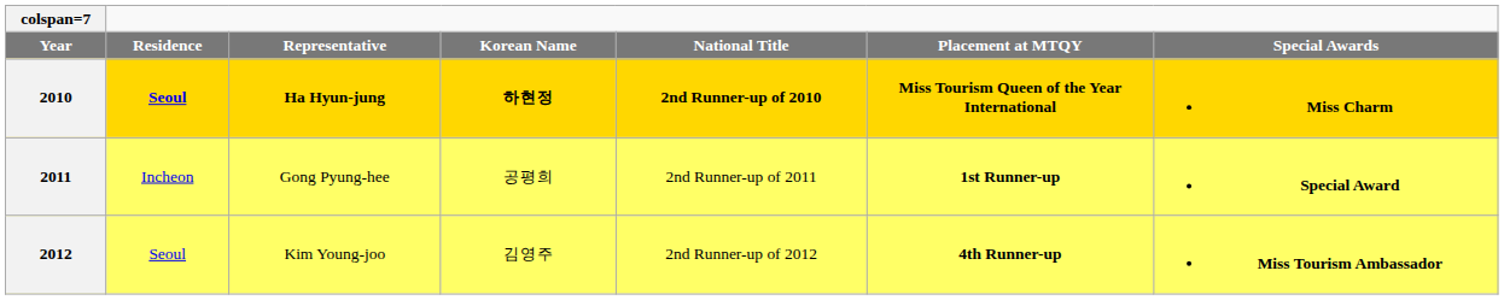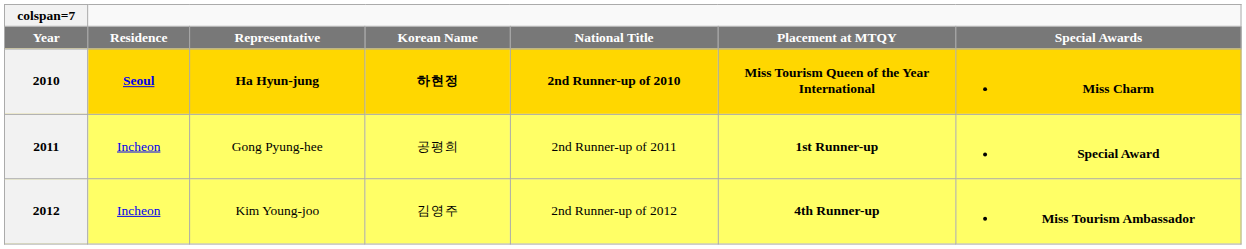 <table class="wikitable sortable" style="font-size: 85%; text-align:center">
 <tr>
 <th>colspan=7 </th>
 </tr>
 <tr>
 <th width="80" style="background-color:#787878;color:#FFFFFF;">Year</th>
 <th width="100" style="background-color:#787878;color:#FFFFFF;">Residence</th>
 <th width="180" style="background-color:#787878;color:#FFFFFF;">Representative</th>
 <th width="150" style="background-color:#787878;color:#FFFFFF;">Korean Name</th>
 <th width="220" style="background-color:#787878;color:#FFFFFF;">National Title</th>
 <th width="250" style="background-color:#787878;color:#FFFFFF;">Placement at MTQY</th>
 <th width="300" style="background-color:#787878;color:#FFFFFF;">Special Awards</th>
 </tr>
 <tr align="center" style="background:gold; font-weight: bold">
 <th>2010</th>
 <td><a href='#'>Seoul</a></td>
 <td><strong>Ha Hyun-jung</strong></td>
 <td>하현정</td>
 <td>2nd Runner-up of 2010</td>
 <td><strong>Miss Tourism Queen of the Year International</strong></td>
 <td><br><ul><li><strong>Miss Charm</strong></li></ul></td>
 </tr>
 <tr style="background-color:#FFFF66; ">
 <th>2011</th>
 <td><a href='#'>Incheon</a></td>
 <td>Gong Pyung-hee</td>
 <td>공평희</td>
 <td>2nd Runner-up of 2011</td>
 <td><strong>1st Runner-up</strong></td>
 <td><br><ul><li><strong>Special Award</strong></li></ul></td>
 </tr>
 <tr style="background-color:#FFFF66; ">
 <th>2012</th>
-<td><a href='#'>Seoul</a></td>
+<td><a href='#'>Incheon</a></td>
 <td>Kim Young-joo</td>
 <td>김영주</td>
 <td>2nd Runner-up of 2012</td>
 <td><strong>4th Runner-up</strong></td>
 <td><br><ul><li><strong>Miss Tourism Ambassador</strong></li></ul></td>
 </tr>
 </table>
